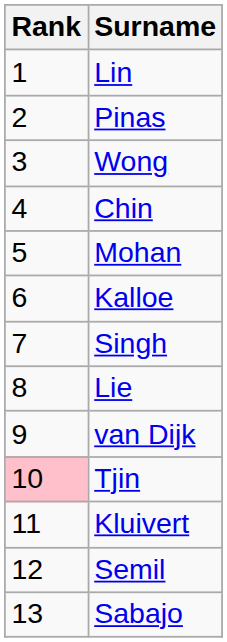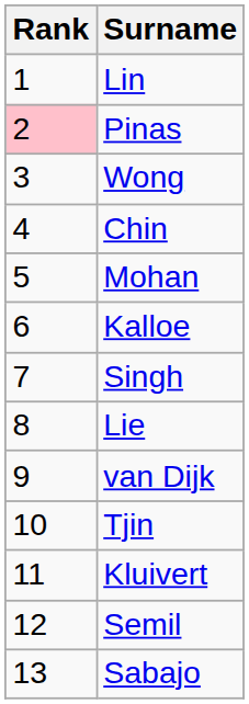 <table class="wikitable">
 <tr>
 <th>Rank</th>
 <th>Surname</th>
 </tr>
 <tr>
 <td>1</td>
 <td><a href='#'>Lin</a></td>
 </tr>
 <tr>
-<td>2</td>
+<td style="background: pink;">2</td>
 <td><a href='#'>Pinas</a></td>
 </tr>
 <tr>
 <td>3</td>
 <td><a href='#'>Wong</a></td>
 </tr>
 <tr>
 <td>4</td>
 <td><a href='#'>Chin</a></td>
 </tr>
 <tr>
 <td>5</td>
 <td><a href='#'>Mohan</a></td>
 </tr>
 <tr>
 <td>6</td>
 <td><a href='#'>Kalloe</a></td>
 </tr>
 <tr>
 <td>7</td>
 <td><a href='#'>Singh</a></td>
 </tr>
 <tr>
 <td>8</td>
 <td><a href='#'>Lie</a></td>
 </tr>
 <tr>
 <td>9</td>
 <td><a href='#'>van Dijk</a></td>
 </tr>
 <tr>
-<td style="background: pink;">10</td>
+<td>10</td>
 <td><a href='#'>Tjin</a></td>
 </tr>
 <tr>
 <td>11</td>
 <td><a href='#'>Kluivert</a></td>
 </tr>
 <tr>
 <td>12</td>
 <td><a href='#'>Semil</a></td>
 </tr>
 <tr>
 <td>13</td>
 <td><a href='#'>Sabajo</a></td>
 </tr>
 </table>
